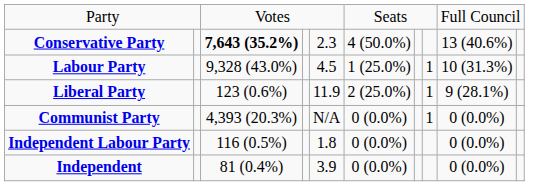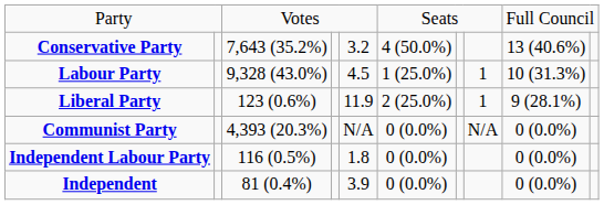 <table class=wikitable style="text-align:center;">
 <tr>
 <td colspan=2>Party</td>
 <td colspan=3>Votes</td>
 <td colspan=3>Seats</td>
 <td colspan=3>Full Council</td>
 </tr>
 <tr>
 <td><strong><a href='#'>Conservative Party</a></strong></td>
 <td style="background:"></td>
-<td><strong>7,643 (35.2%)</strong></td>
+<td>7,643 (35.2%)</td>
 <td></td>
-<td> 2.3</td>
+<td> 3.2</td>
 <td>4 (50.0%)</td>
 <td></td>
 <td></td>
 <td>13 (40.6%)</td>
 <td></td>
 </tr>
 <tr>
 <td><strong><a href='#'>Labour Party</a></strong></td>
 <td style="background:"></td>
 <td>9,328 (43.0%)</td>
 <td></td>
 <td> 4.5</td>
 <td>1 (25.0%)</td>
 <td></td>
 <td> 1</td>
 <td>10 (31.3%)</td>
 <td></td>
 </tr>
 <tr>
 <td><strong><a href='#'>Liberal Party</a></strong></td>
 <td style="background:"></td>
 <td>123 (0.6%)</td>
 <td></td>
 <td> 11.9</td>
 <td>2  (25.0%)</td>
 <td></td>
 <td> 1</td>
 <td>9 (28.1%)</td>
 <td></td>
 </tr>
 <tr>
 <td><strong><a href='#'>Communist Party</a></strong></td>
 <td style="background:"></td>
 <td>4,393 (20.3%)</td>
 <td></td>
 <td>N/A</td>
 <td>0 (0.0%)</td>
 <td></td>
-<td> 1</td>
+<td>N/A</td>
 <td>0 (0.0%)</td>
 <td></td>
 </tr>
 <tr>
 <td><strong><a href='#'>Independent Labour Party</a></strong></td>
 <td style="background:"></td>
 <td>116 (0.5%)</td>
 <td></td>
 <td> 1.8</td>
 <td>0 (0.0%)</td>
 <td></td>
 <td></td>
 <td>0 (0.0%)</td>
 <td></td>
 </tr>
 <tr>
 <td><strong><a href='#'>Independent</a></strong></td>
 <td style="background:"></td>
 <td>81 (0.4%)</td>
 <td></td>
 <td> 3.9</td>
 <td>0 (0.0%)</td>
 <td></td>
 <td></td>
 <td>0 (0.0%)</td>
 <td></td>
 </tr>
 </table>
